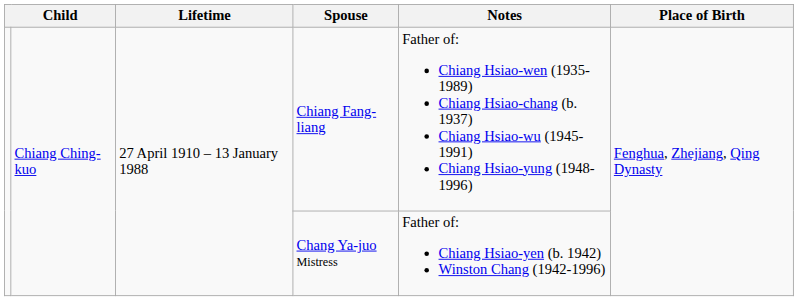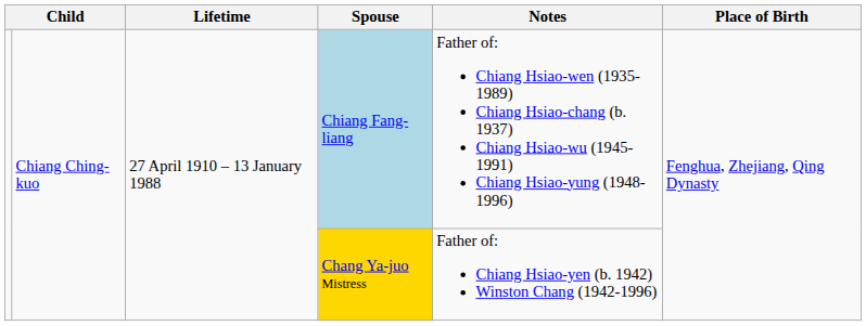 <table class="wikitable">
 <tr>
 <th colspan="2">Child</th>
 <th>Lifetime</th>
 <th>Spouse</th>
 <th>Notes</th>
 <th>Place of Birth</th>
 </tr>
 <tr>
 <td rowspan=2></td>
 <td rowspan=2><a href='#'>Chiang Ching-kuo</a></td>
 <td rowspan=2>27 April 1910 – 13 January 1988</td>
-<td><a href='#'>Chiang Fang-liang</a></td>
+<td style="background: lightblue;"><a href='#'>Chiang Fang-liang</a></td>
 <td>Father of:<br><ul><li><a href='#'>Chiang Hsiao-wen</a> (1935-1989)</li><li><a href='#'>Chiang Hsiao-chang</a> (b. 1937)</li><li><a href='#'>Chiang Hsiao-wu</a> (1945-1991)</li><li><a href='#'>Chiang Hsiao-yung</a> (1948-1996)</li></ul></td>
 <td rowspan=2><a href='#'>Fenghua</a>, <a href='#'>Zhejiang</a>, <a href='#'>Qing Dynasty</a></td>
 </tr>
 <tr>
-<td><a href='#'>Chang Ya-juo</a><br><small>Mistress</small></td>
+<td style="background: gold;"><a href='#'>Chang Ya-juo</a><br><small>Mistress</small></td>
 <td>Father of:<br><ul><li><a href='#'>Chiang Hsiao-yen</a> (b. 1942)</li><li><a href='#'>Winston Chang</a> (1942-1996)</li></ul></td>
 </tr>
 </table>
